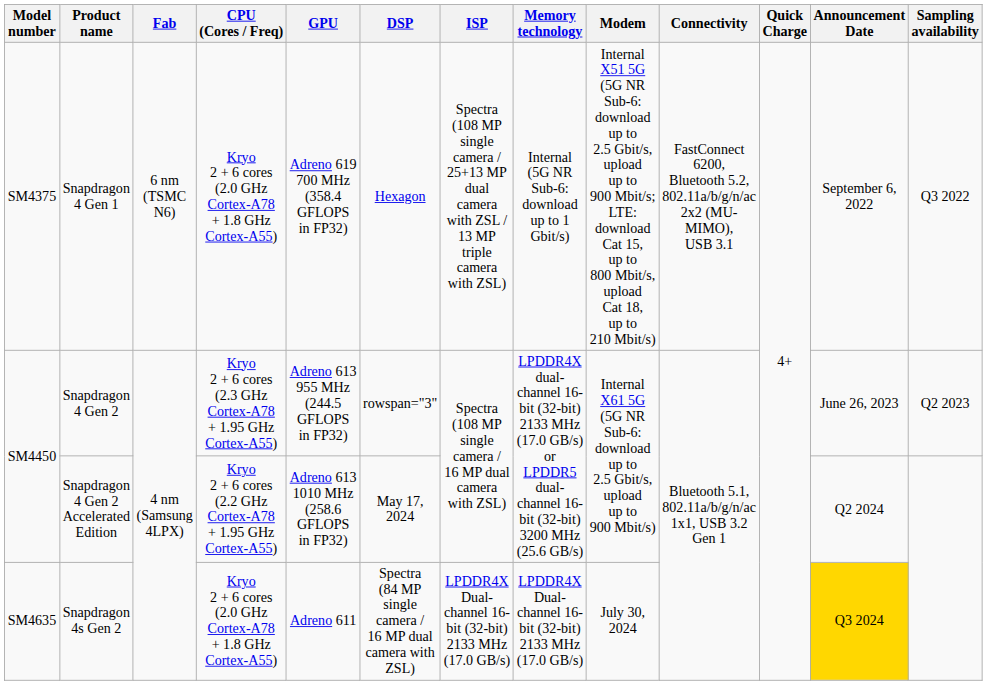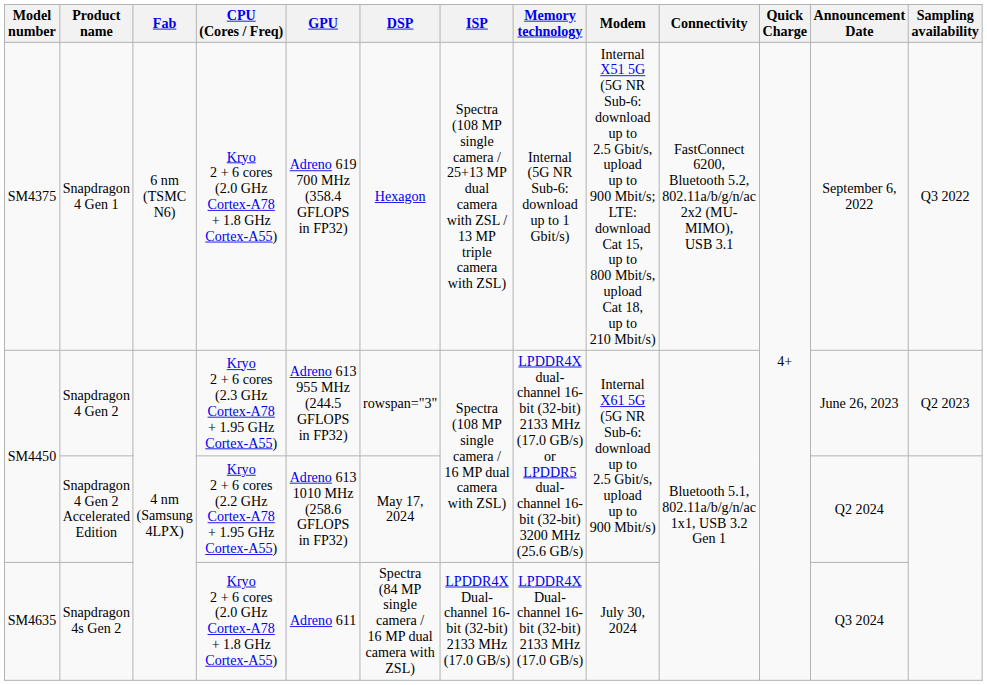 <table class="wikitable sticky-header" style="width:100%; text-align:center">
 <tr>
 <th>Model number</th>
 <th>Product name</th>
 <th><a href='#'>Fab</a></th>
 <th><a href='#'>CPU</a><br>(Cores / Freq)</th>
 <th><a href='#'>GPU</a></th>
 <th><a href='#'>DSP</a></th>
 <th><a href='#'>ISP</a></th>
 <th><a href='#'>Memory technology</a></th>
 <th>Modem</th>
 <th>Connectivity</th>
 <th>Quick Charge</th>
 <th>Announcement Date</th>
 <th>Sampling availability</th>
 </tr>
 <tr>
 <td>SM4375</td>
 <td>Snapdragon 4 Gen 1</td>
 <td>6 nm (TSMC N6)</td>
 <td><a href='#'>Kryo</a><br>2 + 6 cores<br>(2.0 GHz <a href='#'>Cortex-A78</a> <br>+ 1.8 GHz <a href='#'>Cortex-A55</a>)</td>
 <td><a href='#'>Adreno</a> 619 700 MHz (358.4 GFLOPS in FP32)</td>
 <td><a href='#'>Hexagon</a></td>
 <td>Spectra (108 MP single camera / 25+13 MP dual camera with ZSL / 13 MP triple camera with ZSL)</td>
 <td>Internal (5G NR Sub-6: download up to 1 Gbit/s)</td>
 <td>Internal <a href='#'>X51 5G</a> (5G NR Sub-6: download up to 2.5 Gbit/s, upload up to 900 Mbit/s; LTE: download Cat 15, up to 800 Mbit/s, upload Cat 18, up to 210 Mbit/s)</td>
 <td>FastConnect 6200, Bluetooth 5.2, 802.11a/b/g/n/ac 2x2 (MU-MIMO), USB 3.1</td>
 <td rowspan="5">4+</td>
 <td>September 6, 2022</td>
 <td>Q3 2022</td>
 </tr>
 <tr>
 <td rowspan="2">SM4450</td>
 <td>Snapdragon 4 Gen 2</td>
 <td rowspan="3">4 nm (Samsung 4LPX)</td>
 <td><a href='#'>Kryo</a><br>2 + 6 cores<br>(2.3 GHz <a href='#'>Cortex-A78</a> <br>+ 1.95 GHz <a href='#'>Cortex-A55</a>)</td>
 <td><a href='#'>Adreno</a> 613 955 MHz (244.5 GFLOPS in FP32)</td>
 <td>rowspan="3" </td>
 <td rowspan="2">Spectra (108 MP single camera / 16 MP dual camera with ZSL)</td>
 <td rowspan="2"><a href='#'>LPDDR4X</a> dual-channel 16-bit (32-bit) 2133 MHz (17.0 GB/s)<br>or<br><a href='#'>LPDDR5</a> dual-channel 16-bit (32-bit) 3200 MHz (25.6 GB/s)</td>
 <td rowspan="2">Internal <a href='#'>X61 5G</a> (5G NR Sub-6: download up to 2.5 Gbit/s, upload up to 900 Mbit/s)</td>
 <td rowspan="3">Bluetooth 5.1, 802.11a/b/g/n/ac 1x1, USB 3.2 Gen 1</td>
 <td>June 26, 2023</td>
 <td>Q2 2023</td>
 </tr>
 <tr>
 <td>Snapdragon 4 Gen 2 Accelerated Edition</td>
 <td><a href='#'>Kryo</a><br>2 + 6 cores<br>(2.2 GHz <a href='#'>Cortex-A78</a> <br>+ 1.95 GHz <a href='#'>Cortex-A55</a>)</td>
 <td><a href='#'>Adreno</a> 613 1010 MHz (258.6 GFLOPS in FP32)</td>
 <td>May 17, 2024</td>
 <td>Q2 2024</td>
 </tr>
 <tr>
 <td>SM4635</td>
 <td>Snapdragon 4s Gen 2</td>
 <td><a href='#'>Kryo</a><br>2 + 6 cores<br>(2.0 GHz <a href='#'>Cortex-A78</a> <br>+ 1.8 GHz <a href='#'>Cortex-A55</a>)</td>
 <td><a href='#'>Adreno</a> 611</td>
 <td>Spectra (84 MP single camera / 16 MP dual camera with ZSL)</td>
 <td><a href='#'>LPDDR4X</a> Dual-channel 16-bit (32-bit) 2133 MHz (17.0 GB/s)</td>
 <td><a href='#'>LPDDR4X</a> Dual-channel 16-bit (32-bit) 2133 MHz (17.0 GB/s)</td>
 <td>July 30, 2024</td>
-<td style="background: gold;">Q3 2024</td>
+<td>Q3 2024</td>
 </tr>
 </table>
